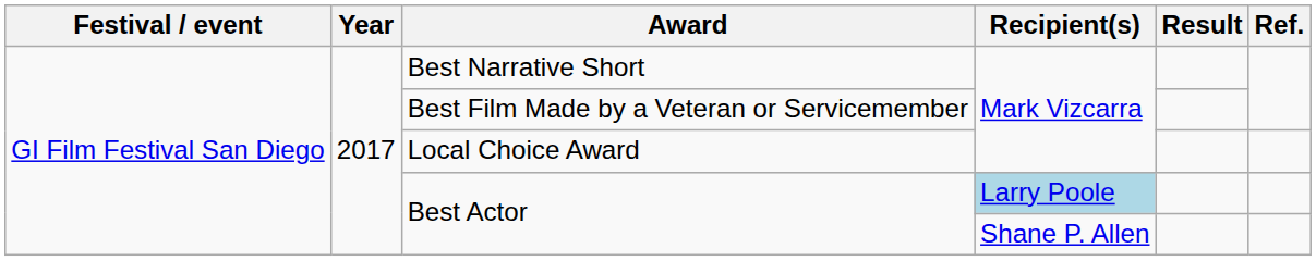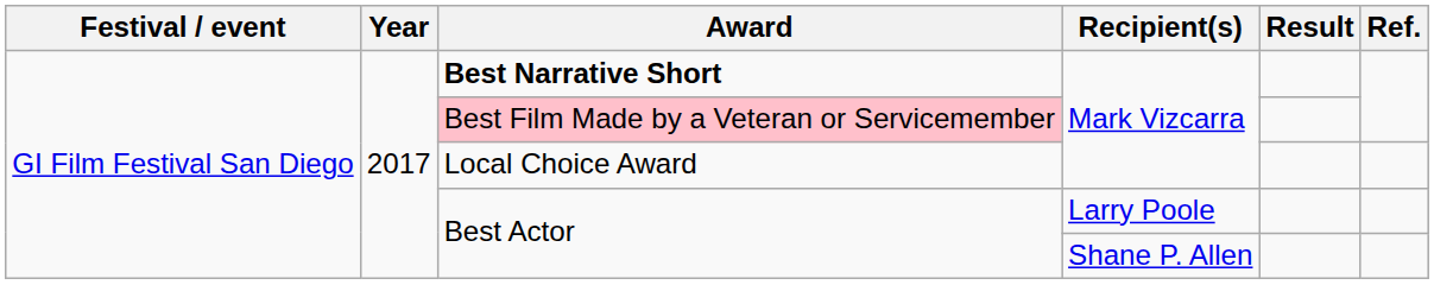 <table class="wikitable">
 <tr>
 <th>Festival / event</th>
 <th>Year</th>
 <th>Award</th>
 <th>Recipient(s)</th>
 <th>Result</th>
 <th>Ref.</th>
 </tr>
 <tr>
 <td rowspan="5"><a href='#'>GI Film Festival San Diego</a></td>
 <td rowspan="5">2017</td>
-<td>Best Narrative Short</td>
+<td><strong>Best Narrative Short</strong></td>
 <td rowspan="3"><a href='#'>Mark Vizcarra</a></td>
 <td></td>
 <td rowspan="2"></td>
 </tr>
 <tr>
-<td>Best Film Made by a Veteran or Servicemember</td>
+<td style="background: pink;">Best Film Made by a Veteran or Servicemember</td>
 <td></td>
 </tr>
 <tr>
 <td>Local Choice Award</td>
 <td></td>
 <td></td>
 </tr>
 <tr>
 <td rowspan="2">Best Actor</td>
-<td style="background: lightblue;"><a href='#'>Larry Poole</a></td>
+<td><a href='#'>Larry Poole</a></td>
 <td></td>
 <td></td>
 </tr>
 <tr>
 <td><a href='#'>Shane P. Allen</a></td>
 <td></td>
 <td></td>
 </tr>
 </table>
